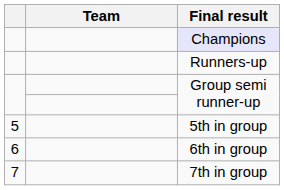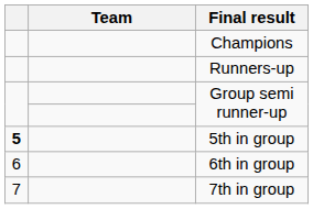 <table class=wikitable style="text-align:center;" width=300>
 <tr>
 <th width=5.5%></th>
 <th width=40%>Team</th>
 <th width=20%>Final result</th>
 </tr>
 <tr>
 <td></td>
 <td align="left"></td>
-<td style="background: lavender;">Champions</td>
+<td>Champions</td>
 </tr>
 <tr>
 <td></td>
 <td align="left"></td>
 <td>Runners-up</td>
 </tr>
 <tr>
 <td rowspan="2"></td>
 <td align="left"></td>
 <td rowspan="2">Group semi runner-up</td>
 </tr>
 <tr>
 <td align="left"></td>
 </tr>
 <tr>
-<td>5</td>
+<td><strong>5</strong></td>
 <td align="left"></td>
 <td>5th in group</td>
 </tr>
 <tr>
 <td>6</td>
 <td align="left"></td>
 <td>6th in group</td>
 </tr>
 <tr>
 <td>7</td>
 <td align="left"></td>
 <td>7th in group</td>
 </tr>
 </table>
